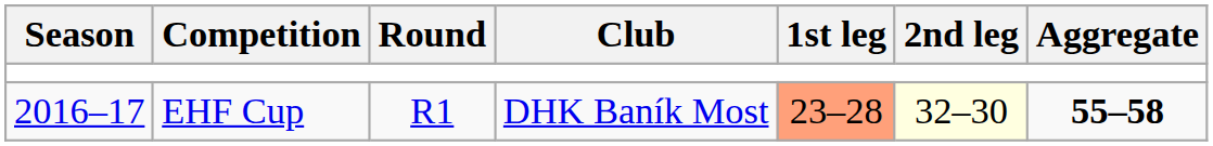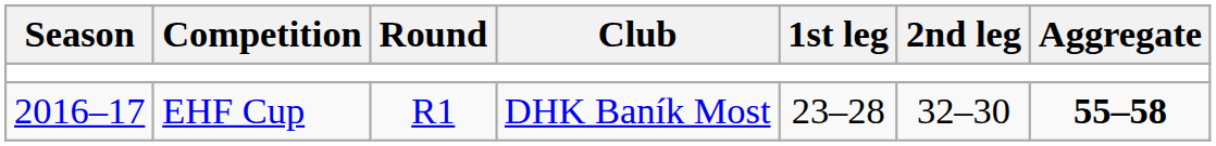 <table class="wikitable">
 <tr>
 <th>Season</th>
 <th>Competition</th>
 <th>Round</th>
 <th>Club</th>
 <th>1st leg</th>
 <th>2nd leg</th>
 <th>Aggregate</th>
 </tr>
 <tr>
 <td colspan="7" bgcolor=white></td>
 </tr>
 <tr>
 <td><a href='#'>2016–17</a></td>
 <td><a href='#'>EHF Cup</a></td>
 <td style="text-align:center;"><a href='#'>R1</a></td>
 <td> <a href='#'>DHK Baník Most</a></td>
-<td style="background: lightsalmon; text-align:center;">23–28</td>
-<td style="background: lightyellow; text-align:center;">32–30</td>
+<td style="text-align:center;">23–28</td>
+<td style="text-align:center;">32–30</td>
 <td style="text-align:center;"><strong>55–58</strong></td>
 </tr>
 </table>
